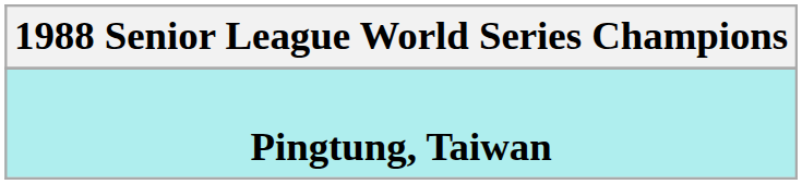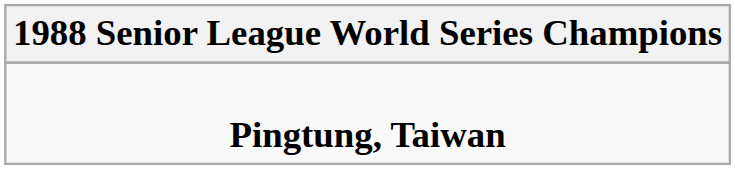 <table class="wikitable" style="text-align: center; margin: 0 auto;">
 <tr>
 <th>1988 Senior League World Series Champions</th>
 </tr>
 <tr>
 </tr>
 <tr>
-<td style="background: paleturquoise;"><br><strong>Pingtung, Taiwan</strong></td>
+<td><br><strong>Pingtung, Taiwan</strong></td>
 </tr>
 </table>
